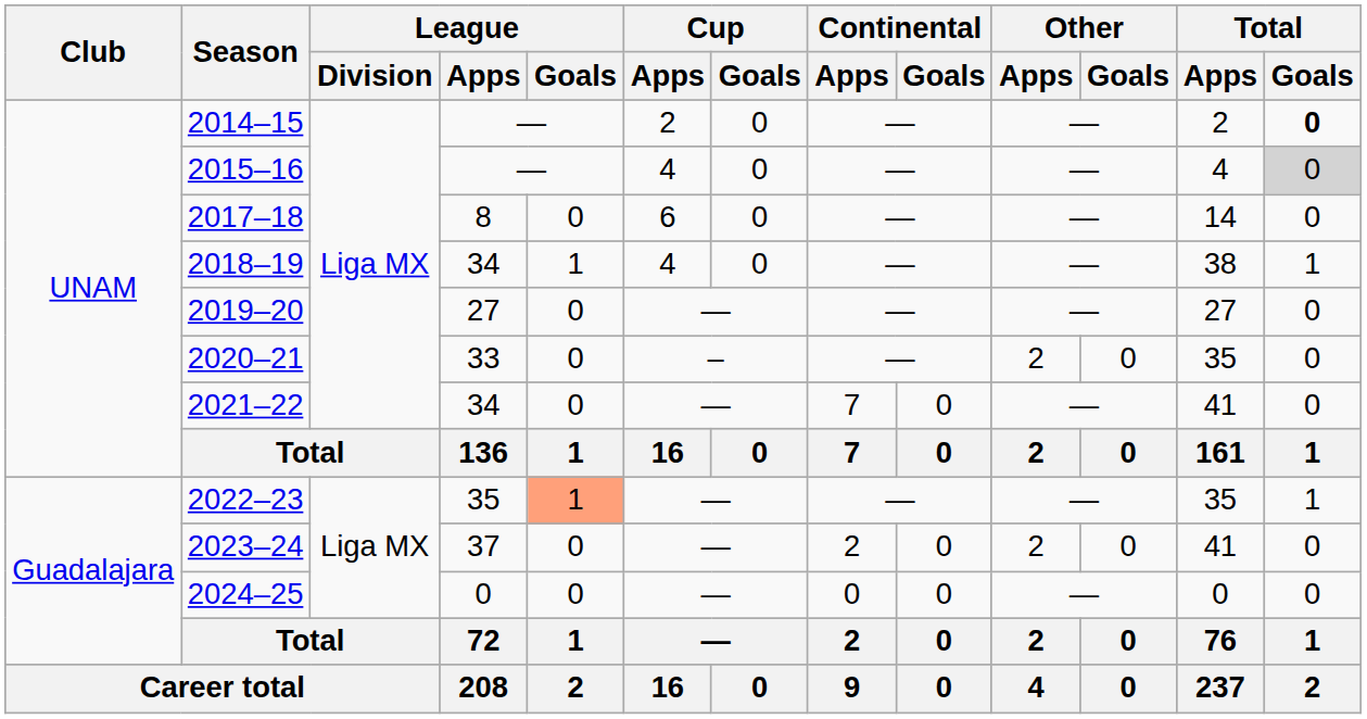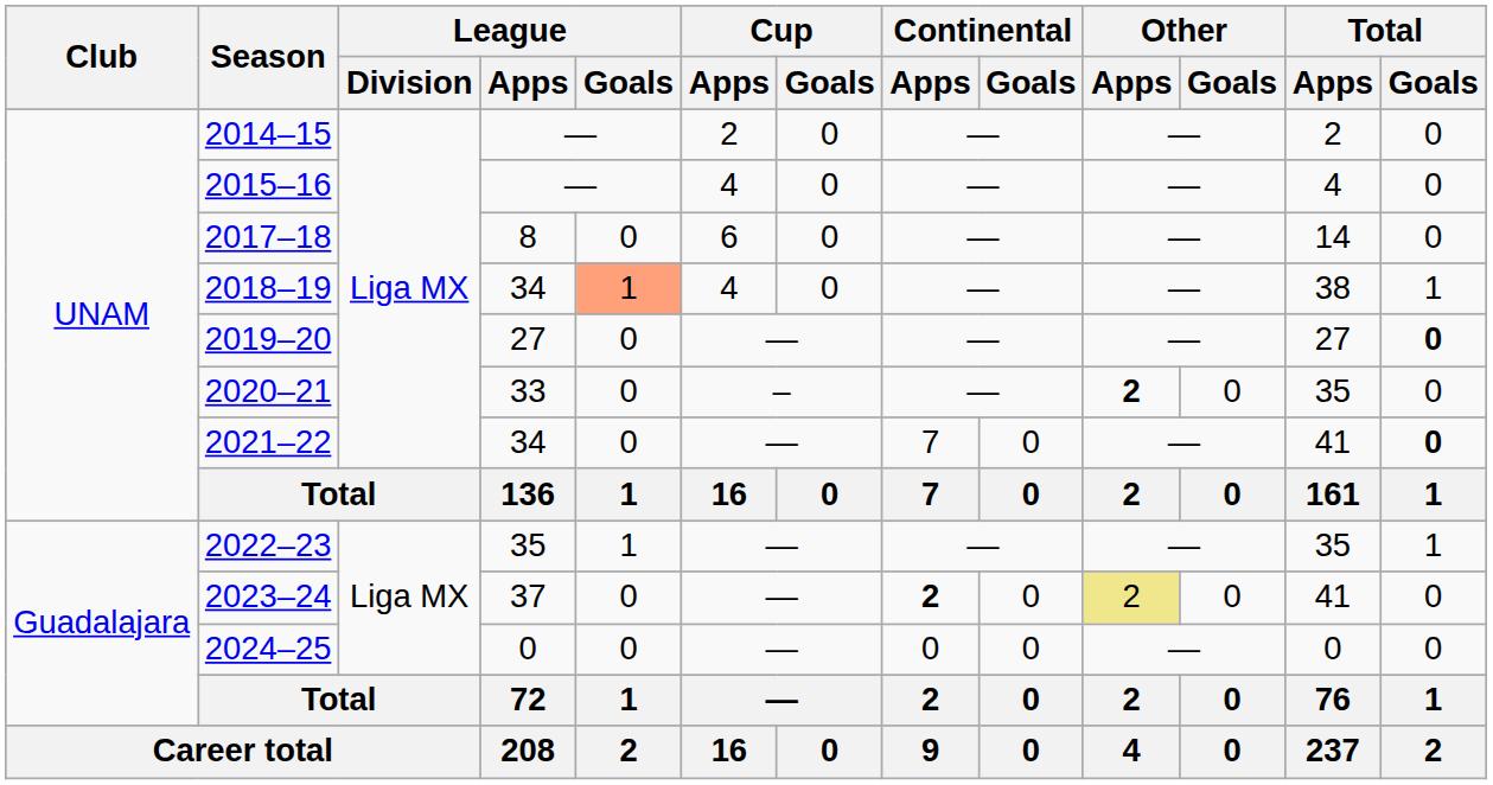 <table class="wikitable" style="text-align:center">
 <tr>
 <th rowspan="2">Club</th>
 <th rowspan="2">Season</th>
 <th colspan="3">League</th>
 <th colspan="2">Cup</th>
 <th colspan="2">Continental</th>
 <th colspan="2">Other</th>
 <th colspan="2">Total</th>
 </tr>
 <tr>
 <th>Division</th>
 <th>Apps</th>
 <th>Goals</th>
 <th>Apps</th>
 <th>Goals</th>
 <th>Apps</th>
 <th>Goals</th>
 <th>Apps</th>
 <th>Goals</th>
 <th>Apps</th>
 <th>Goals</th>
 </tr>
 <tr>
 <td rowspan="8"><a href='#'>UNAM</a></td>
 <td><a href='#'>2014–15</a></td>
 <td rowspan="7"><a href='#'>Liga MX</a></td>
 <td colspan=2>—</td>
 <td>2</td>
 <td>0</td>
 <td colspan=2>—</td>
 <td colspan=2>—</td>
 <td>2</td>
-<td><strong>0</strong></td>
+<td>0</td>
 </tr>
 <tr>
 <td><a href='#'>2015–16</a></td>
 <td colspan=2>—</td>
 <td>4</td>
 <td>0</td>
 <td colspan=2>—</td>
 <td colspan=2>—</td>
 <td>4</td>
-<td style="background: lightgrey;">0</td>
+<td>0</td>
 </tr>
 <tr>
 <td><a href='#'>2017–18</a></td>
 <td>8</td>
 <td>0</td>
 <td>6</td>
 <td>0</td>
 <td colspan=2>—</td>
 <td colspan=2>—</td>
 <td>14</td>
 <td>0</td>
 </tr>
 <tr>
 <td><a href='#'>2018–19</a></td>
 <td>34</td>
-<td>1</td>
+<td style="background: lightsalmon;">1</td>
 <td>4</td>
 <td>0</td>
 <td colspan=2>—</td>
 <td colspan=2>—</td>
 <td>38</td>
 <td>1</td>
 </tr>
 <tr>
 <td><a href='#'>2019–20</a></td>
 <td>27</td>
 <td>0</td>
 <td colspan=2>—</td>
 <td colspan=2>—</td>
 <td colspan=2>—</td>
 <td>27</td>
-<td>0</td>
+<td><strong>0</strong></td>
 </tr>
 <tr>
 <td><a href='#'>2020–21</a></td>
 <td>33</td>
 <td>0</td>
 <td colspan="2">–</td>
 <td colspan=2>—</td>
-<td>2</td>
+<td><strong>2</strong></td>
 <td>0</td>
 <td>35</td>
 <td>0</td>
 </tr>
 <tr>
 <td><a href='#'>2021–22</a></td>
 <td>34</td>
 <td>0</td>
 <td colspan=2>—</td>
 <td>7</td>
 <td>0</td>
 <td colspan=2>—</td>
 <td>41</td>
-<td>0</td>
+<td><strong>0</strong></td>
 </tr>
 <tr>
 <th colspan="2">Total</th>
 <th>136</th>
 <th>1</th>
 <th>16</th>
 <th>0</th>
 <th>7</th>
 <th>0</th>
 <th>2</th>
 <th>0</th>
 <th>161</th>
 <th>1</th>
 </tr>
 <tr>
 <td rowspan="4"><a href='#'>Guadalajara</a></td>
 <td><a href='#'>2022–23</a></td>
 <td rowspan="3">Liga MX</td>
 <td>35</td>
-<td style="background: lightsalmon;">1</td>
+<td>1</td>
 <td colspan=2>—</td>
 <td colspan=2>—</td>
 <td colspan=2>—</td>
 <td>35</td>
 <td>1</td>
 </tr>
 <tr>
 <td><a href='#'>2023–24</a></td>
 <td>37</td>
 <td>0</td>
 <td colspan=2>—</td>
-<td>2</td>
+<td><strong>2</strong></td>
 <td>0</td>
-<td>2</td>
+<td style="background: khaki;">2</td>
 <td>0</td>
 <td>41</td>
 <td>0</td>
 </tr>
 <tr>
 <td><a href='#'>2024–25</a></td>
 <td>0</td>
 <td>0</td>
 <td colspan=2>—</td>
 <td>0</td>
 <td>0</td>
 <td colspan=2>—</td>
 <td>0</td>
 <td>0</td>
 </tr>
 <tr>
 <th colspan="2">Total</th>
 <th>72</th>
 <th>1</th>
 <th colspan=2>—</th>
 <th>2</th>
 <th>0</th>
 <th>2</th>
 <th>0</th>
 <th>76</th>
 <th>1</th>
 </tr>
 <tr>
 <th colspan="3">Career total</th>
 <th>208</th>
 <th>2</th>
 <th>16</th>
 <th>0</th>
 <th>9</th>
 <th>0</th>
 <th>4</th>
 <th>0</th>
 <th>237</th>
 <th>2</th>
 </tr>
 </table>
